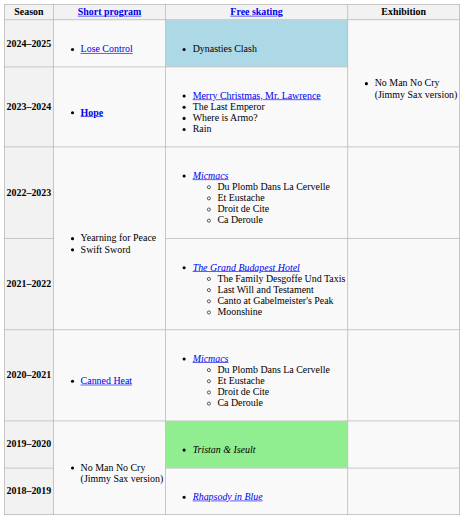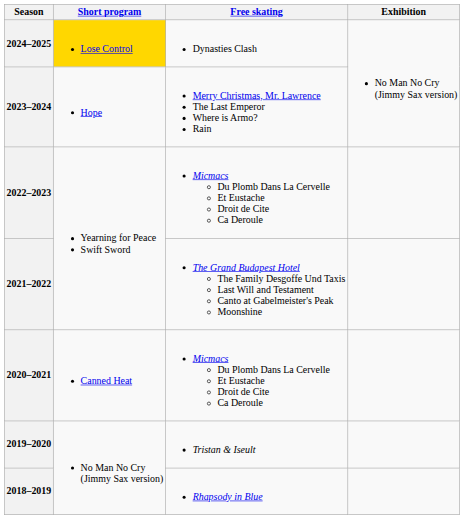 <table class="wikitable">
 <tr>
 <th>Season</th>
 <th><a href='#'>Short program</a></th>
 <th><a href='#'>Free skating</a></th>
 <th>Exhibition</th>
 </tr>
 <tr>
 <th>2024–2025 <br> </th>
-<td><br><ul><li><a href='#'>Lose Control</a> <br> </li></ul></td>
-<td style="background: lightblue;"><br><ul><li>Dynasties Clash <br></li></ul></td>
+<td style="background: gold;"><br><ul><li><a href='#'>Lose Control</a> <br> </li></ul></td>
+<td><br><ul><li>Dynasties Clash <br></li></ul></td>
 <td rowspan=2><br><ul><li>No Man No Cry<br>(Jimmy Sax version)<br></li></ul></td>
 </tr>
 <tr>
 <th>2023–2024 <br> </th>
-<td><strong><br><ul><li><a href='#'>Hope</a> <br> </li></ul></strong></td>
+<td><br><ul><li><a href='#'>Hope</a> <br> </li></ul></td>
 <td><br><ul><li><a href='#'>Merry Christmas, Mr. Lawrence</a> <br> </li><li>The Last Emperor</li><li>Where is Armo?</li><li>Rain <br></li></ul></td>
 </tr>
 <tr>
 <th>2022–2023 <br> </th>
 <td rowspan=2><br><ul><li>Yearning for Peace</li><li>Swift Sword <br> </li></ul></td>
 <td><br><ul><li><em><a href='#'>Micmacs</a></em><ul><li>Du Plomb Dans La Cervelle</li><li>Et Eustache</li><li>Droit de Cite</li><li>Ca Deroule <br></li></ul></li></ul></td>
 <td></td>
 </tr>
 <tr>
 <th>2021–2022 <br> </th>
 <td><br><ul><li><em><a href='#'>The Grand Budapest Hotel</a></em><ul><li>The Family Desgoffe Und Taxis</li><li>Last Will and Testament</li><li>Canto at Gabelmeister's Peak</li><li>Moonshine <br></li></ul></li></ul></td>
 <td></td>
 </tr>
 <tr>
 <th>2020–2021 <br> </th>
 <td><br><ul><li><a href='#'>Canned Heat</a><br></li></ul></td>
 <td><br><ul><li><em><a href='#'>Micmacs</a></em><ul><li>Du Plomb Dans La Cervelle</li><li>Et Eustache</li><li>Droit de Cite</li><li>Ca Deroule <br></li></ul></li></ul></td>
 <td></td>
 </tr>
 <tr>
 <th>2019–2020<br></th>
 <td rowspan=2><br><ul><li>No Man No Cry<br>(Jimmy Sax version)<br></li></ul></td>
-<td style="background: lightgreen;"><br><ul><li><em>Tristan & Iseult</em><br></li></ul></td>
+<td><br><ul><li><em>Tristan & Iseult</em><br></li></ul></td>
 <td></td>
 </tr>
 <tr>
 <th>2018–2019<br></th>
 <td><br><ul><li><em><a href='#'>Rhapsody in Blue</a></em><br></li></ul></td>
 <td></td>
 </tr>
 </table>
